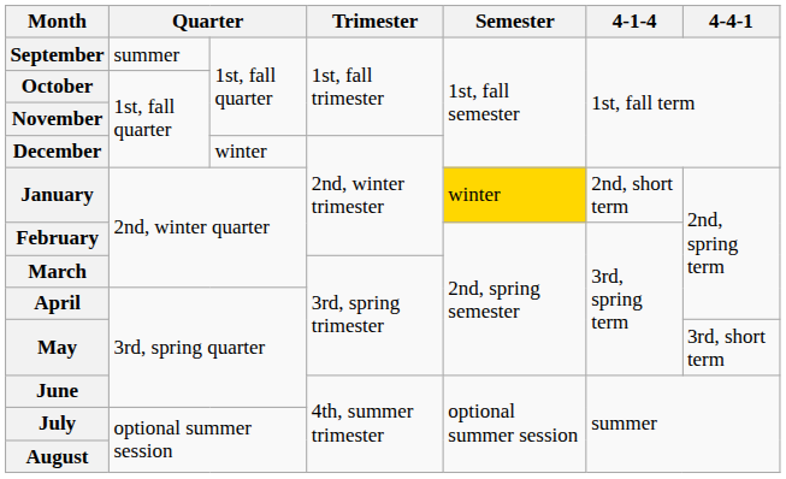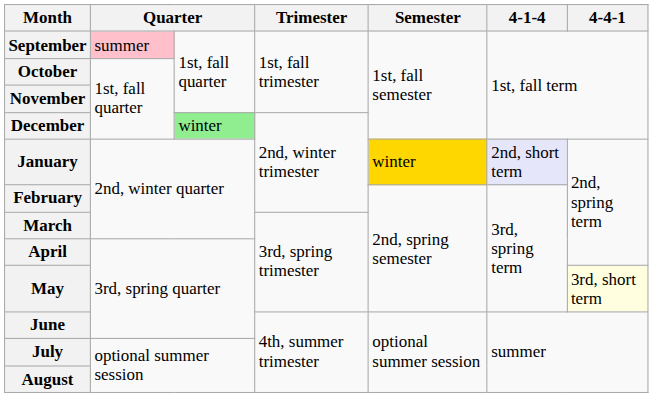 <table class="wikitable">
 <tr>
 <th>Month</th>
 <th colspan=2>Quarter</th>
 <th>Trimester</th>
 <th>Semester</th>
 <th>4-1-4</th>
 <th>4-4-1</th>
 </tr>
 <tr>
 <th>September</th>
-<td>summer</td>
+<td style="background: pink;">summer</td>
 <td rowspan=3>1st, fall quarter</td>
 <td rowspan=3>1st, fall trimester</td>
 <td rowspan=4>1st, fall semester</td>
 <td colspan=2 rowspan=4>1st, fall term</td>
 </tr>
 <tr>
 <th>October</th>
 <td rowspan=3>1st, fall quarter</td>
 </tr>
 <tr>
 <th>November</th>
 </tr>
 <tr>
 <th>December</th>
-<td>winter</td>
+<td style="background: lightgreen;">winter</td>
 <td rowspan=3>2nd, winter trimester</td>
 </tr>
 <tr>
 <th>January</th>
 <td colspan=2 rowspan=3>2nd, winter quarter</td>
 <td style="background: gold;">winter</td>
-<td colspan=1>2nd, short term</td>
+<td colspan=1 style="background: lavender;">2nd, short term</td>
 <td rowspan=4>2nd, spring term</td>
 </tr>
 <tr>
 <th>February</th>
 <td rowspan=4>2nd, spring semester</td>
 <td rowspan=4>3rd, spring term</td>
 </tr>
 <tr>
 <th>March</th>
 <td rowspan=3>3rd, spring trimester</td>
 </tr>
 <tr>
 <th>April</th>
 <td colspan=2 rowspan=3>3rd, spring quarter</td>
 </tr>
 <tr>
 <th>May</th>
-<td colspan=1>3rd, short term</td>
+<td colspan=1 style="background: lightyellow;">3rd, short term</td>
 </tr>
 <tr>
 <th>June</th>
 <td rowspan=3>4th, summer trimester</td>
 <td rowspan=3>optional summer session</td>
 <td colspan=2 rowspan=3>summer</td>
 </tr>
 <tr>
 <th>July</th>
 <td colspan=2 rowspan=2>optional summer session</td>
 </tr>
 <tr>
 <th>August</th>
 </tr>
 </table>
